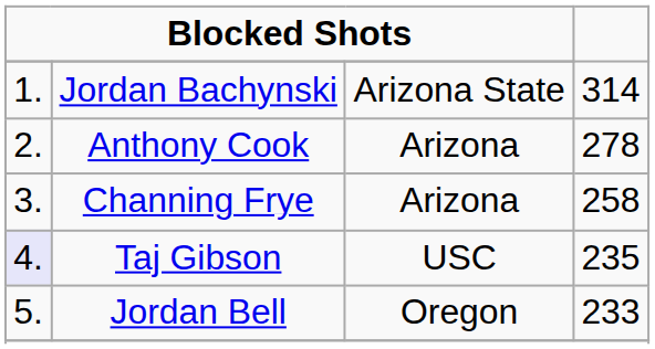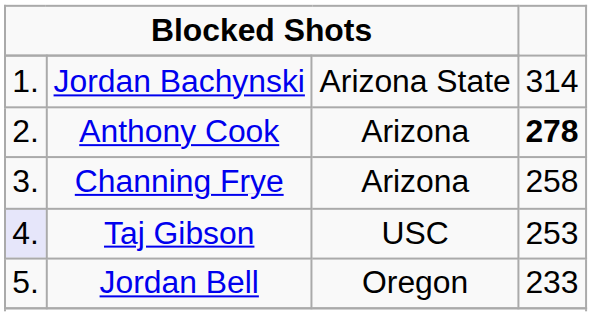 <table class="wikitable" style="display: inline-table;">
 <tr>
 <td align="center" Colspan="3"><strong>Blocked Shots</strong></td>
 </tr>
 <tr align="center">
 </tr>
 <tr align="center">
 <td>1.</td>
 <td><a href='#'>Jordan Bachynski</a></td>
 <td>Arizona State</td>
 <td>314</td>
 </tr>
 <tr align="center">
 <td>2.</td>
 <td><a href='#'>Anthony Cook</a></td>
 <td>Arizona</td>
-<td>278</td>
+<td><strong>278</strong></td>
 </tr>
 <tr align="center">
 <td>3.</td>
 <td><a href='#'>Channing Frye</a></td>
 <td>Arizona</td>
 <td>258</td>
 </tr>
 <tr align="center">
 <td style="background: lavender;">4.</td>
 <td><a href='#'>Taj Gibson</a></td>
 <td>USC</td>
-<td>235</td>
+<td>253</td>
 </tr>
 <tr align="center">
 <td>5.</td>
 <td><a href='#'>Jordan Bell</a></td>
 <td>Oregon</td>
 <td>233</td>
 </tr>
 <tr align="center">
 </tr>
 <tr>
 </tr>
 </table>
